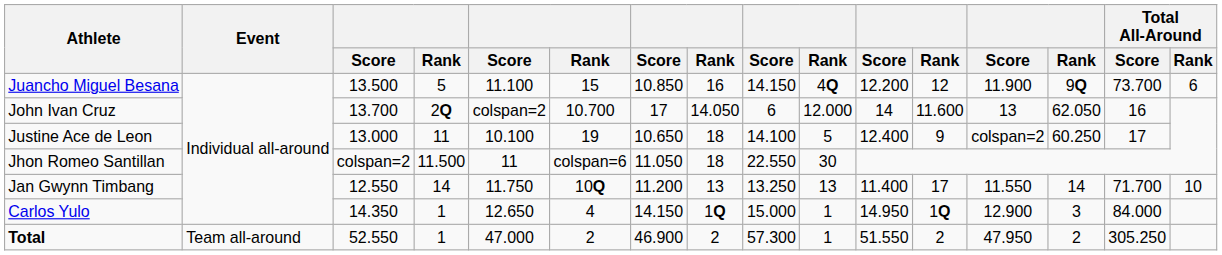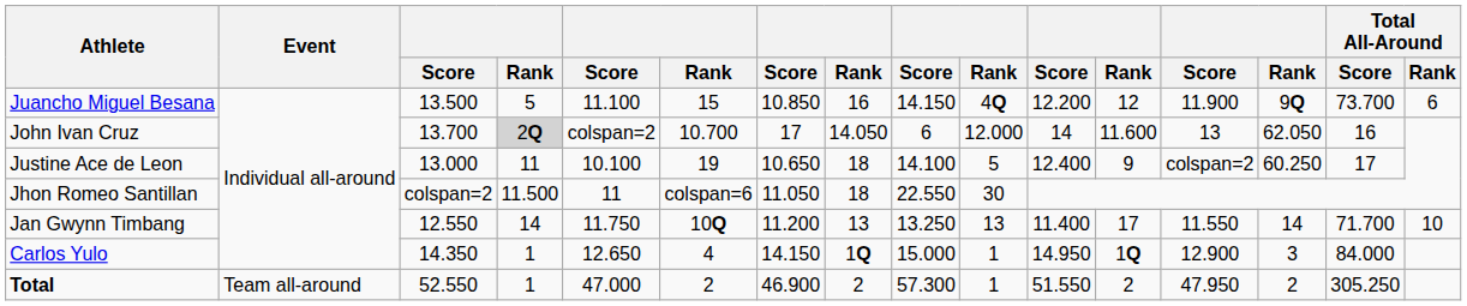 <table class="wikitable" style="font-size:90%">
 <tr>
 <th rowspan=2>Athlete</th>
 <th rowspan=2>Event</th>
 <th colspan=2></th>
 <th colspan=2></th>
 <th colspan=2></th>
 <th colspan=2></th>
 <th colspan=2></th>
 <th colspan=2></th>
 <th colspan=2>Total<br>All-Around</th>
 </tr>
 <tr>
 <th>Score</th>
 <th>Rank</th>
 <th>Score</th>
 <th>Rank</th>
 <th>Score</th>
 <th>Rank</th>
 <th>Score</th>
 <th>Rank</th>
 <th>Score</th>
 <th>Rank</th>
 <th>Score</th>
 <th>Rank</th>
 <th>Score</th>
 <th>Rank</th>
 </tr>
 <tr>
 <td><a href='#'>Juancho Miguel Besana</a></td>
 <td rowspan=6>Individual all-around</td>
 <td align=center>13.500</td>
 <td align=center>5</td>
 <td align=center>11.100</td>
 <td align=center>15</td>
 <td align=center>10.850</td>
 <td align=center>16</td>
 <td align=center>14.150</td>
 <td align=center>4<strong>Q</strong></td>
 <td align=center>12.200</td>
 <td align=center>12</td>
 <td align=center>11.900</td>
 <td align=center>9<strong>Q</strong></td>
 <td align=center>73.700</td>
 <td align=center>6</td>
 </tr>
 <tr>
 <td>John Ivan Cruz</td>
 <td align=center>13.700</td>
-<td align=center>2<strong>Q</strong></td>
+<td align=center style="background: lightgrey;">2<strong>Q</strong></td>
 <td>colspan=2 </td>
 <td align=center>10.700</td>
 <td align=center>17</td>
 <td align=center>14.050</td>
 <td align=center>6</td>
 <td align=center>12.000</td>
 <td align=center>14</td>
 <td align=center>11.600</td>
 <td align=center>13</td>
 <td align=center>62.050</td>
 <td align=center>16</td>
 </tr>
 <tr>
 <td>Justine Ace de Leon</td>
 <td align=center>13.000</td>
 <td align=center>11</td>
 <td align=center>10.100</td>
 <td align=center>19</td>
 <td align=center>10.650</td>
 <td align=center>18</td>
 <td align=center>14.100</td>
 <td align=center>5</td>
 <td align=center>12.400</td>
 <td align=center>9</td>
 <td>colspan=2 </td>
 <td align=center>60.250</td>
 <td align=center>17</td>
 </tr>
 <tr>
 <td>Jhon Romeo Santillan</td>
 <td>colspan=2 </td>
 <td align=center>11.500</td>
 <td align=center>11</td>
 <td>colspan=6 </td>
 <td align=center>11.050</td>
 <td align=center>18</td>
 <td align=center>22.550</td>
 <td align=center>30</td>
 </tr>
 <tr>
 <td>Jan Gwynn Timbang</td>
 <td align=center>12.550</td>
 <td align=center>14</td>
 <td align=center>11.750</td>
 <td align=center>10<strong>Q</strong></td>
 <td align=center>11.200</td>
 <td align=center>13</td>
 <td align=center>13.250</td>
 <td align=center>13</td>
 <td align=center>11.400</td>
 <td align=center>17</td>
 <td align=center>11.550</td>
 <td align=center>14</td>
 <td align=center>71.700</td>
 <td align=center>10</td>
 </tr>
 <tr>
 <td><a href='#'>Carlos Yulo</a></td>
 <td align=center>14.350</td>
 <td align=center>1</td>
 <td align=center>12.650</td>
 <td align=center>4</td>
 <td align=center>14.150</td>
 <td align=center>1<strong>Q</strong></td>
 <td align=center>15.000</td>
 <td align=center>1</td>
 <td align=center>14.950</td>
 <td align=center>1<strong>Q</strong></td>
 <td align=center>12.900</td>
 <td align=center>3</td>
 <td align=center>84.000</td>
 <td align=center></td>
 </tr>
 <tr>
 <td><strong>Total</strong></td>
 <td>Team all-around</td>
 <td align=center>52.550</td>
 <td align=center>1</td>
 <td align=center>47.000</td>
 <td align=center>2</td>
 <td align=center>46.900</td>
 <td align=center>2</td>
 <td align=center>57.300</td>
 <td align=center>1</td>
 <td align=center>51.550</td>
 <td align=center>2</td>
 <td align=center>47.950</td>
 <td align=center>2</td>
 <td align=center>305.250</td>
 <td align=center></td>
 </tr>
 </table>
